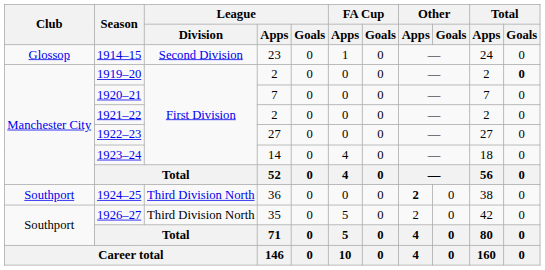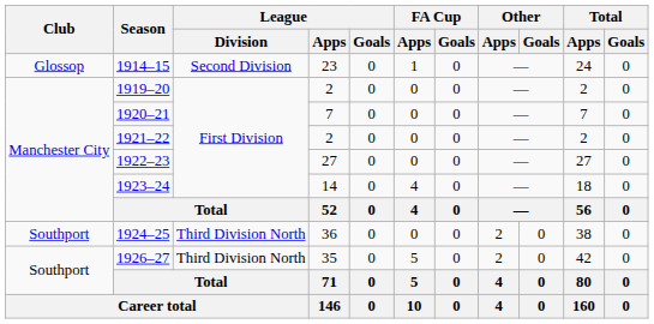 <table class="wikitable" style="text-align:center">
 <tr>
 <th rowspan="2">Club</th>
 <th rowspan="2">Season</th>
 <th colspan="3">League</th>
 <th colspan="2">FA Cup</th>
 <th colspan="2">Other</th>
 <th colspan="2">Total</th>
 </tr>
 <tr>
 <th>Division</th>
 <th>Apps</th>
 <th>Goals</th>
 <th>Apps</th>
 <th>Goals</th>
 <th>Apps</th>
 <th>Goals</th>
 <th>Apps</th>
 <th>Goals</th>
 </tr>
 <tr>
 <td><a href='#'>Glossop</a></td>
 <td><a href='#'>1914–15</a></td>
 <td><a href='#'>Second Division</a></td>
 <td>23</td>
 <td>0</td>
 <td>1</td>
 <td>0</td>
 <td colspan="2">―</td>
 <td>24</td>
 <td>0</td>
 </tr>
 <tr>
 <td rowspan="6"><a href='#'>Manchester City</a></td>
 <td><a href='#'>1919–20</a></td>
 <td rowspan="5"><a href='#'>First Division</a></td>
 <td>2</td>
 <td>0</td>
 <td>0</td>
 <td>0</td>
 <td colspan="2">―</td>
 <td>2</td>
-<td><strong>0</strong></td>
+<td>0</td>
 </tr>
 <tr>
 <td><a href='#'>1920–21</a></td>
 <td>7</td>
 <td>0</td>
 <td>0</td>
 <td>0</td>
 <td colspan="2">―</td>
 <td>7</td>
 <td>0</td>
 </tr>
 <tr>
 <td><a href='#'>1921–22</a></td>
 <td>2</td>
 <td>0</td>
 <td>0</td>
 <td>0</td>
 <td colspan="2">―</td>
 <td>2</td>
 <td>0</td>
 </tr>
 <tr>
 <td><a href='#'>1922–23</a></td>
 <td>27</td>
 <td>0</td>
 <td>0</td>
 <td>0</td>
 <td colspan="2">―</td>
 <td>27</td>
 <td>0</td>
 </tr>
 <tr>
 <td><a href='#'>1923–24</a></td>
 <td>14</td>
 <td>0</td>
 <td>4</td>
 <td>0</td>
 <td colspan="2">―</td>
 <td>18</td>
 <td>0</td>
 </tr>
 <tr>
 <th colspan="2">Total</th>
 <th>52</th>
 <th>0</th>
 <th>4</th>
 <th>0</th>
 <th colspan="2">―</th>
 <th>56</th>
 <th>0</th>
 </tr>
 <tr>
 <td><a href='#'>Southport</a></td>
 <td><a href='#'>1924–25</a></td>
 <td><a href='#'>Third Division North</a></td>
 <td>36</td>
 <td>0</td>
 <td>0</td>
 <td>0</td>
-<td><strong>2</strong></td>
+<td>2</td>
 <td>0</td>
 <td>38</td>
 <td>0</td>
 </tr>
 <tr>
 <td rowspan="2">Southport</td>
 <td><a href='#'>1926–27</a></td>
 <td>Third Division North</td>
 <td>35</td>
 <td>0</td>
 <td>5</td>
 <td>0</td>
 <td>2</td>
 <td>0</td>
 <td>42</td>
 <td>0</td>
 </tr>
 <tr>
 <th colspan="2">Total</th>
 <th>71</th>
 <th>0</th>
 <th>5</th>
 <th>0</th>
 <th>4</th>
 <th>0</th>
 <th>80</th>
 <th>0</th>
 </tr>
 <tr>
 <th colspan="3">Career total</th>
 <th>146</th>
 <th>0</th>
 <th>10</th>
 <th>0</th>
 <th>4</th>
 <th>0</th>
 <th>160</th>
 <th>0</th>
 </tr>
 </table>
